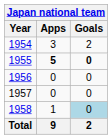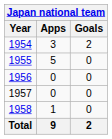 <table class="wikitable" style="text-align:center">
 <tr>
 <th colspan=3><a href='#'>Japan national team</a></th>
 </tr>
 <tr>
 <th>Year</th>
 <th>Apps</th>
 <th>Goals</th>
 </tr>
 <tr>
 <td><a href='#'>1954</a></td>
 <td>3</td>
 <td>2</td>
 </tr>
 <tr>
 <td><a href='#'>1955</a></td>
-<td><strong>5</strong></td>
-<td><strong>0</strong></td>
+<td>5</td>
+<td>0</td>
 </tr>
 <tr>
 <td><a href='#'>1956</a></td>
 <td>0</td>
 <td>0</td>
 </tr>
 <tr>
 <td>1957</td>
 <td>0</td>
 <td>0</td>
 </tr>
 <tr>
 <td><a href='#'>1958</a></td>
 <td>1</td>
-<td style="background: lightblue;">0</td>
+<td>0</td>
 </tr>
 <tr>
 <th>Total</th>
 <th>9</th>
 <th>2</th>
 </tr>
 </table>
